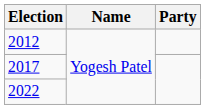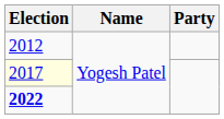 <table class="wikitable sortable">
 <tr>
 <th>Election</th>
 <th>Name</th>
 <th colspan="2">Party</th>
 </tr>
 <tr>
 <td><a href='#'>2012</a></td>
 <td rowspan=3><a href='#'>Yogesh Patel</a></td>
 <td></td>
 </tr>
 <tr>
-<td><a href='#'>2017</a></td>
+<td style="background: lightyellow;"><a href='#'>2017</a></td>
 </tr>
 <tr>
-<td><a href='#'>2022</a></td>
+<td><strong><a href='#'>2022</a></strong></td>
 </tr>
 </table>
